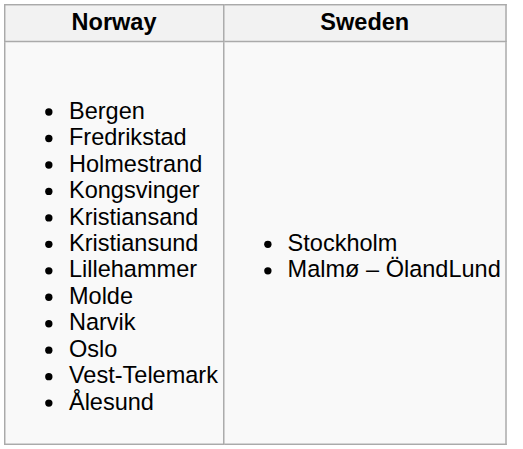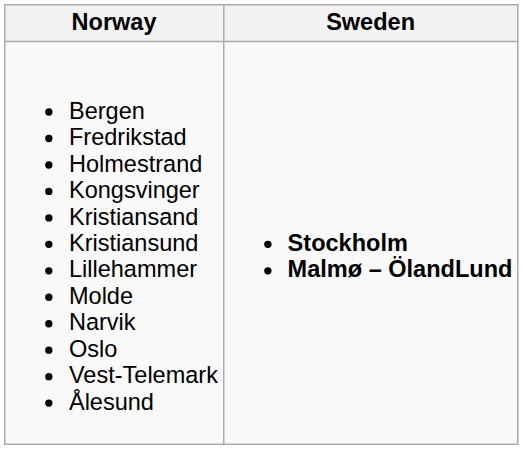 <table class="wikitable">
 <tr>
 <th><strong>Norway</strong></th>
 <th><strong>Sweden</strong></th>
 </tr>
 <tr>
 <td><br><ul><li>Bergen</li><li>Fredrikstad</li><li>Holmestrand</li><li>Kongsvinger</li><li>Kristiansand</li><li>Kristiansund</li><li>Lillehammer</li><li>Molde</li><li>Narvik</li><li>Oslo</li><li>Vest-Telemark</li><li>Ålesund</li></ul></td>
-<td><br><ul><li>Stockholm</li><li>Malmø – ÖlandLund</li></ul></td>
+<td><strong><br><ul><li>Stockholm</li><li>Malmø – ÖlandLund</li></ul></strong></td>
 </tr>
 </table>
